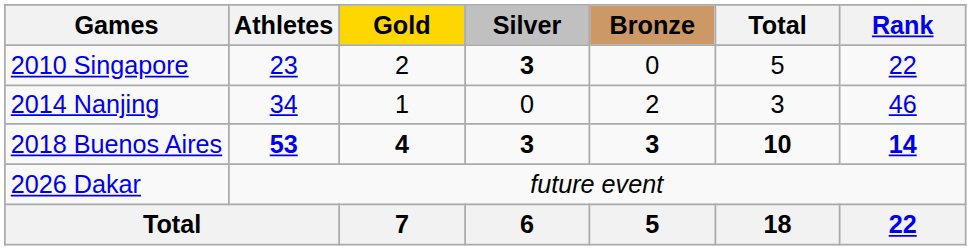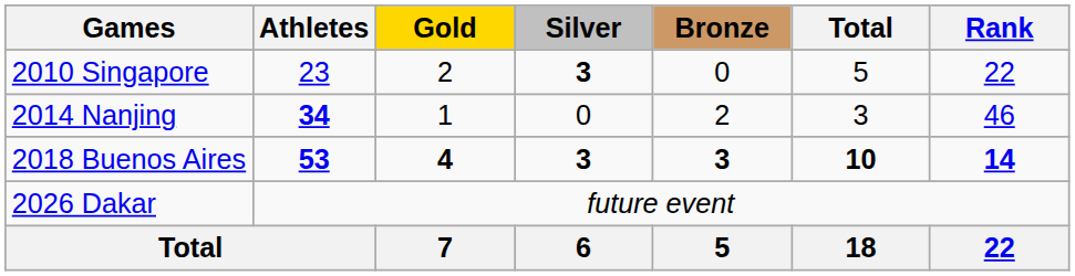 <table class="wikitable" style="text-align:center; font-size:90%;">
 <tr>
 <th>Games</th>
 <th>Athletes</th>
 <td style="background:gold; width:4.5em; font-weight:bold;">Gold</td>
 <td style="background:silver; width:4.5em; font-weight:bold;">Silver</td>
 <td style="background:#cc9966; width:4.5em; font-weight:bold;">Bronze</td>
 <th style="width:4.5em; font-weight:bold;">Total</th>
 <th style="width:4.5em; font-weight:bold;"><a href='#'>Rank</a></th>
 </tr>
 <tr>
 <td align=left> <a href='#'>2010 Singapore</a></td>
 <td><a href='#'>23</a></td>
 <td>2</td>
 <td><strong>3</strong></td>
 <td>0</td>
 <td>5</td>
 <td><a href='#'>22</a></td>
 </tr>
 <tr>
 <td align=left> <a href='#'>2014 Nanjing</a></td>
-<td><a href='#'>34</a></td>
+<td><strong><a href='#'>34</a></strong></td>
 <td>1</td>
 <td>0</td>
 <td>2</td>
 <td>3</td>
 <td><a href='#'>46</a></td>
 </tr>
 <tr>
 <td align=left> <a href='#'>2018 Buenos Aires</a></td>
 <td><strong><a href='#'>53</a></strong></td>
 <td><strong>4</strong></td>
 <td><strong>3</strong></td>
 <td><strong>3</strong></td>
 <td><strong>10</strong></td>
 <td><a href='#'><strong>14</strong></a></td>
 </tr>
 <tr>
 <td align=left> <a href='#'>2026 Dakar</a></td>
 <td colspan=6; rowspan=1><em>future event</em></td>
 </tr>
 <tr>
 <th colspan=2>Total</th>
 <th>7</th>
 <th>6</th>
 <th>5</th>
 <th>18</th>
 <th><a href='#'>22</a></th>
 </tr>
 </table>
